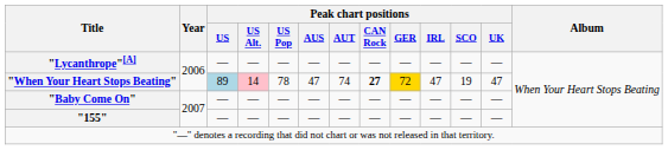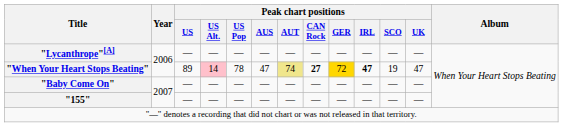 <table class="wikitable plainrowheaders" style="text-align:center;">
 <tr>
 <th scope="col" rowspan="2">Title</th>
 <th scope="col" rowspan="2">Year</th>
 <th scope="col" colspan="10">Peak chart positions</th>
 <th scope="col" rowspan="2">Album</th>
 </tr>
 <tr>
 <th scope="col" style="width:2.5em;font-size:90%;"><a href='#'>US</a><br></th>
 <th scope="col" style="width:2.5em;font-size:90%;"><a href='#'>US<br>Alt.</a><br></th>
 <th scope="col" style="width:2.5em;font-size:90%;"><a href='#'>US<br>Pop</a><br></th>
 <th scope="col" style="width:2.5em;font-size:90%;"><a href='#'>AUS</a><br></th>
 <th scope="col" style="width:2.5em;font-size:90%;"><a href='#'>AUT</a><br></th>
 <th scope="col" style="width:2.5em;font-size:90%;"><a href='#'>CAN<br>Rock</a><br></th>
 <th scope="col" style="width:2.5em;font-size:90%;"><a href='#'>GER</a><br></th>
 <th scope="col" style="width:2.5em;font-size:90%;"><a href='#'>IRL</a><br></th>
 <th scope="col" style="width:2.5em;font-size:90%;"><a href='#'>SCO</a><br></th>
 <th scope="col" style="width:2.5em;font-size:90%;"><a href='#'>UK</a><br></th>
 </tr>
 <tr>
 <th scope="row">"<a href='#'>Lycanthrope</a>"<sup><span></span><a href='#'><strong>[A]</strong></a></sup></th>
 <td rowspan="2">2006</td>
 <td>—</td>
 <td>—</td>
 <td>—</td>
 <td>—</td>
 <td>—</td>
 <td>—</td>
 <td>—</td>
 <td>—</td>
 <td>—</td>
 <td>—</td>
 <td rowspan="4"><em>When Your Heart Stops Beating</em></td>
 </tr>
 <tr>
 <th scope="row">"<a href='#'>When Your Heart Stops Beating</a>"</th>
-<td style="background: lightblue;">89</td>
+<td>89</td>
 <td style="background: pink;">14</td>
 <td>78</td>
 <td>47</td>
-<td>74</td>
+<td style="background: khaki;">74</td>
 <td><strong>27</strong></td>
 <td style="background: gold;">72</td>
-<td>47</td>
+<td><strong>47</strong></td>
 <td>19</td>
 <td>47</td>
 </tr>
 <tr>
 <th scope="row">"<a href='#'>Baby Come On</a>"</th>
 <td rowspan="2">2007</td>
 <td>—</td>
 <td>—</td>
 <td>—</td>
 <td>—</td>
 <td>—</td>
 <td>—</td>
 <td>—</td>
 <td>—</td>
 <td>—</td>
 <td>—</td>
 </tr>
 <tr>
 <th scope="row">"155"</th>
 <td>—</td>
 <td>—</td>
 <td>—</td>
 <td>—</td>
 <td>—</td>
 <td>—</td>
 <td>—</td>
 <td>—</td>
 <td>—</td>
 <td>—</td>
 </tr>
 <tr>
 <td colspan="14" style="font-size:90%">"—" denotes a recording that did not chart or was not released in that territory.</td>
 </tr>
 </table>
